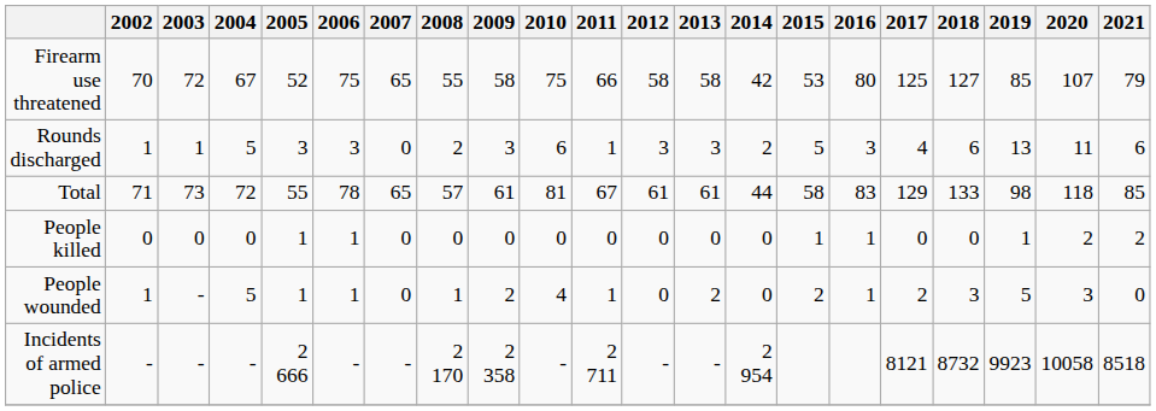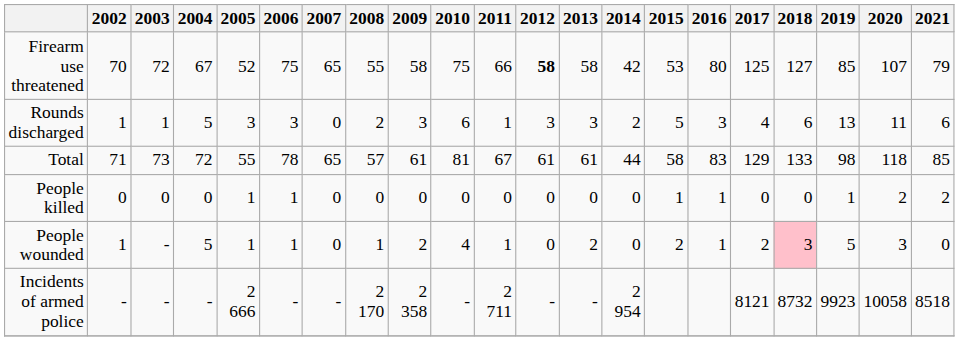 <table class="wikitable" style="text-align: right">
 <tr style="background:#ececec;">
 <th></th>
 <th>2002</th>
 <th>2003</th>
 <th>2004</th>
 <th>2005</th>
 <th>2006</th>
 <th>2007</th>
 <th>2008</th>
 <th>2009</th>
 <th>2010</th>
 <th>2011</th>
 <th>2012</th>
 <th>2013</th>
 <th>2014</th>
 <th>2015</th>
 <th>2016</th>
 <th>2017</th>
 <th>2018</th>
 <th>2019</th>
 <th>2020</th>
 <th>2021</th>
 </tr>
 <tr>
 <td>Firearm use threatened</td>
 <td>70</td>
 <td>72</td>
 <td>67</td>
 <td>52</td>
 <td>75</td>
 <td>65</td>
 <td>55</td>
 <td>58</td>
 <td>75</td>
 <td>66</td>
-<td>58</td>
+<td><strong>58</strong></td>
 <td>58</td>
 <td>42</td>
 <td>53</td>
 <td>80</td>
 <td>125</td>
 <td>127</td>
 <td>85</td>
 <td>107</td>
 <td>79</td>
 </tr>
 <tr>
 <td>Rounds discharged</td>
 <td>1</td>
 <td>1</td>
 <td>5</td>
 <td>3</td>
 <td>3</td>
 <td>0</td>
 <td>2</td>
 <td>3</td>
 <td>6</td>
 <td>1</td>
 <td>3</td>
 <td>3</td>
 <td>2</td>
 <td>5</td>
 <td>3</td>
 <td>4</td>
 <td>6</td>
 <td>13</td>
 <td>11</td>
 <td>6</td>
 </tr>
 <tr>
 <td>Total</td>
 <td>71</td>
 <td>73</td>
 <td>72</td>
 <td>55</td>
 <td>78</td>
 <td>65</td>
 <td>57</td>
 <td>61</td>
 <td>81</td>
 <td>67</td>
 <td>61</td>
 <td>61</td>
 <td>44</td>
 <td>58</td>
 <td>83</td>
 <td>129</td>
 <td>133</td>
 <td>98</td>
 <td>118</td>
 <td>85</td>
 </tr>
 <tr>
 <td>People killed</td>
 <td>0</td>
 <td>0</td>
 <td>0</td>
 <td>1</td>
 <td>1</td>
 <td>0</td>
 <td>0</td>
 <td>0</td>
 <td>0</td>
 <td>0</td>
 <td>0</td>
 <td>0</td>
 <td>0</td>
 <td>1</td>
 <td>1</td>
 <td>0</td>
 <td>0</td>
 <td>1</td>
 <td>2</td>
 <td>2</td>
 </tr>
 <tr>
 <td>People wounded</td>
 <td>1</td>
 <td>-</td>
 <td>5</td>
 <td>1</td>
 <td>1</td>
 <td>0</td>
 <td>1</td>
 <td>2</td>
 <td>4</td>
 <td>1</td>
 <td>0</td>
 <td>2</td>
 <td>0</td>
 <td>2</td>
 <td>1</td>
 <td>2</td>
-<td>3</td>
+<td style="background: pink;">3</td>
 <td>5</td>
 <td>3</td>
 <td>0</td>
 </tr>
 <tr>
 <td>Incidents of armed police</td>
 <td>-</td>
 <td>-</td>
 <td>-</td>
 <td>2 666</td>
 <td>-</td>
 <td>-</td>
 <td>2 170</td>
 <td>2 358</td>
 <td>-</td>
 <td>2 711</td>
 <td>-</td>
 <td>-</td>
 <td>2 954</td>
 <td></td>
 <td></td>
 <td>8121</td>
 <td>8732</td>
 <td>9923</td>
 <td>10058</td>
 <td>8518</td>
 </tr>
 <tr>
 </tr>
 </table>
